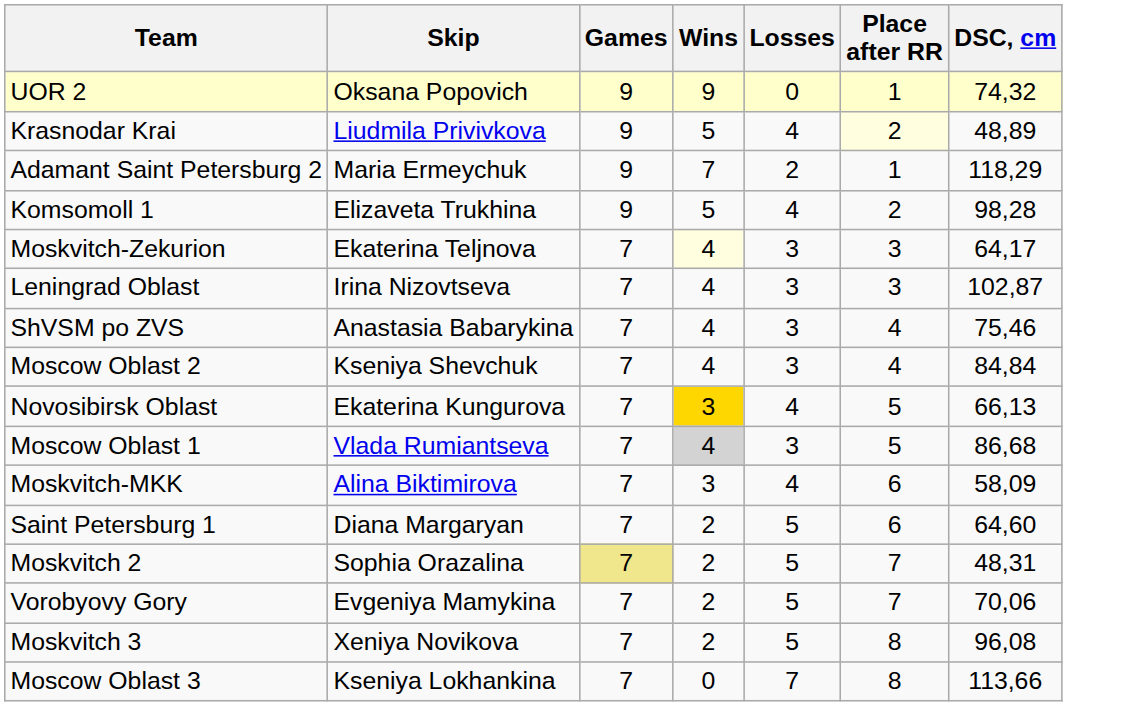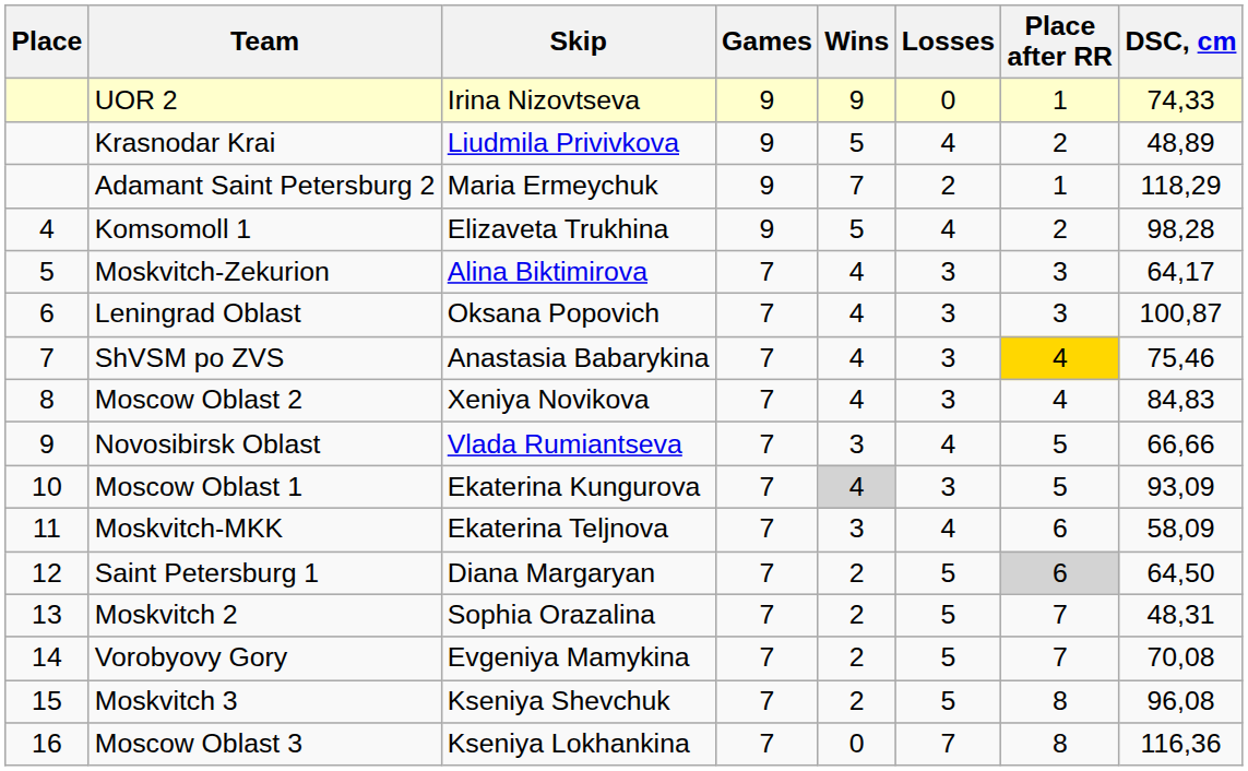 <table class="wikitable" style="text-align:center;">
 <tr>
+<th>Place</th>
 <th>Team</th>
 <th>Skip</th>
 <th>Games</th>
 <th>Wins</th>
 <th>Losses</th>
 <th>Place<br>after RR</th>
 <th>DSC, <a href='#'>cm</a></th>
 </tr>
 <tr bgcolor=#ffc>
+<td></td>
 <td align=left>UOR 2</td>
-<td align=left>Oksana Popovich</td>
+<td align=left>Irina Nizovtseva</td>
 <td>9</td>
 <td>9</td>
 <td>0</td>
 <td>1</td>
-<td>74,32</td>
+<td>74,33</td>
 </tr>
 <tr>
+<td></td>
 <td align=left>Krasnodar Krai</td>
 <td align=left><a href='#'>Liudmila Privivkova</a></td>
 <td>9</td>
 <td>5</td>
 <td>4</td>
-<td style="background: lightyellow;">2</td>
+<td>2</td>
 <td>48,89</td>
 </tr>
 <tr>
+<td></td>
 <td align=left>Adamant Saint Petersburg 2</td>
 <td align=left>Maria Ermeychuk</td>
 <td>9</td>
 <td>7</td>
 <td>2</td>
 <td>1</td>
 <td>118,29</td>
 </tr>
 <tr>
+<td>4</td>
 <td align=left>Komsomoll 1</td>
 <td align=left>Elizaveta Trukhina</td>
 <td>9</td>
 <td>5</td>
 <td>4</td>
 <td>2</td>
 <td>98,28</td>
 </tr>
 <tr>
+<td>5</td>
 <td align=left>Moskvitch-Zekurion</td>
-<td align=left>Ekaterina Teljnova</td>
+<td align=left><a href='#'>Alina Biktimirova</a></td>
 <td>7</td>
-<td style="background: lightyellow;">4</td>
+<td>4</td>
 <td>3</td>
 <td>3</td>
 <td>64,17</td>
 </tr>
 <tr>
+<td>6</td>
 <td align=left>Leningrad Oblast</td>
-<td align=left>Irina Nizovtseva</td>
+<td align=left>Oksana Popovich</td>
 <td>7</td>
 <td>4</td>
 <td>3</td>
 <td>3</td>
-<td>102,87</td>
+<td>100,87</td>
 </tr>
 <tr>
+<td>7</td>
 <td align=left>ShVSM po ZVS</td>
 <td align=left>Anastasia Babarykina</td>
 <td>7</td>
 <td>4</td>
 <td>3</td>
-<td>4</td>
+<td style="background: gold;">4</td>
 <td>75,46</td>
 </tr>
 <tr>
+<td>8</td>
 <td align=left>Moscow Oblast 2</td>
-<td align=left>Kseniya Shevchuk</td>
+<td align=left>Xeniya Novikova</td>
 <td>7</td>
 <td>4</td>
 <td>3</td>
 <td>4</td>
-<td>84,84</td>
+<td>84,83</td>
 </tr>
 <tr>
+<td>9</td>
 <td align=left>Novosibirsk Oblast</td>
-<td align=left>Ekaterina Kungurova</td>
+<td align=left><a href='#'>Vlada Rumiantseva</a></td>
 <td>7</td>
-<td style="background: gold;">3</td>
+<td>3</td>
 <td>4</td>
 <td>5</td>
-<td>66,13</td>
+<td>66,66</td>
 </tr>
 <tr>
+<td>10</td>
 <td align=left>Moscow Oblast 1</td>
-<td align=left><a href='#'>Vlada Rumiantseva</a></td>
+<td align=left>Ekaterina Kungurova</td>
 <td>7</td>
 <td style="background: lightgrey;">4</td>
 <td>3</td>
 <td>5</td>
-<td>86,68</td>
+<td>93,09</td>
 </tr>
 <tr>
+<td>11</td>
 <td align=left>Moskvitch-MKK</td>
-<td align=left><a href='#'>Alina Biktimirova</a></td>
+<td align=left>Ekaterina Teljnova</td>
 <td>7</td>
 <td>3</td>
 <td>4</td>
 <td>6</td>
 <td>58,09</td>
 </tr>
 <tr>
+<td>12</td>
 <td align=left>Saint Petersburg 1</td>
 <td align=left>Diana Margaryan</td>
 <td>7</td>
 <td>2</td>
 <td>5</td>
-<td>6</td>
-<td>64,60</td>
+<td style="background: lightgrey;">6</td>
+<td>64,50</td>
 </tr>
 <tr>
+<td>13</td>
 <td align=left>Moskvitch 2</td>
 <td align=left>Sophia Orazalina</td>
-<td style="background: khaki;">7</td>
+<td>7</td>
 <td>2</td>
 <td>5</td>
 <td>7</td>
 <td>48,31</td>
 </tr>
 <tr>
+<td>14</td>
 <td align=left>Vorobyovy Gory</td>
 <td align=left>Evgeniya Mamykina</td>
 <td>7</td>
 <td>2</td>
 <td>5</td>
 <td>7</td>
-<td>70,06</td>
+<td>70,08</td>
 </tr>
 <tr>
+<td>15</td>
 <td align=left>Moskvitch 3</td>
-<td align=left>Xeniya Novikova</td>
+<td align=left>Kseniya Shevchuk</td>
 <td>7</td>
 <td>2</td>
 <td>5</td>
 <td>8</td>
 <td>96,08</td>
 </tr>
 <tr>
+<td>16</td>
 <td align=left>Moscow Oblast 3</td>
 <td align=left>Kseniya Lokhankina</td>
 <td>7</td>
 <td>0</td>
 <td>7</td>
 <td>8</td>
-<td>113,66</td>
+<td>116,36</td>
 </tr>
 </table>
